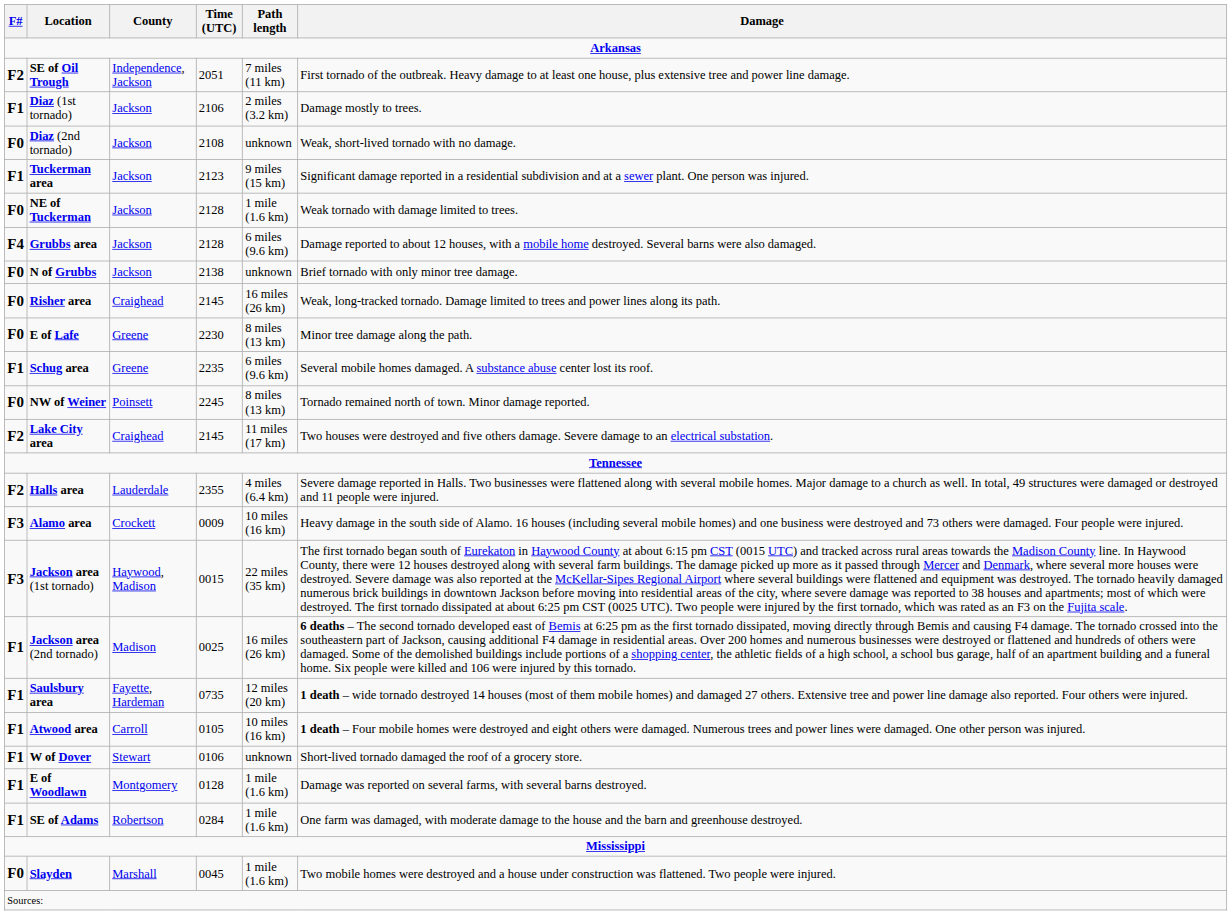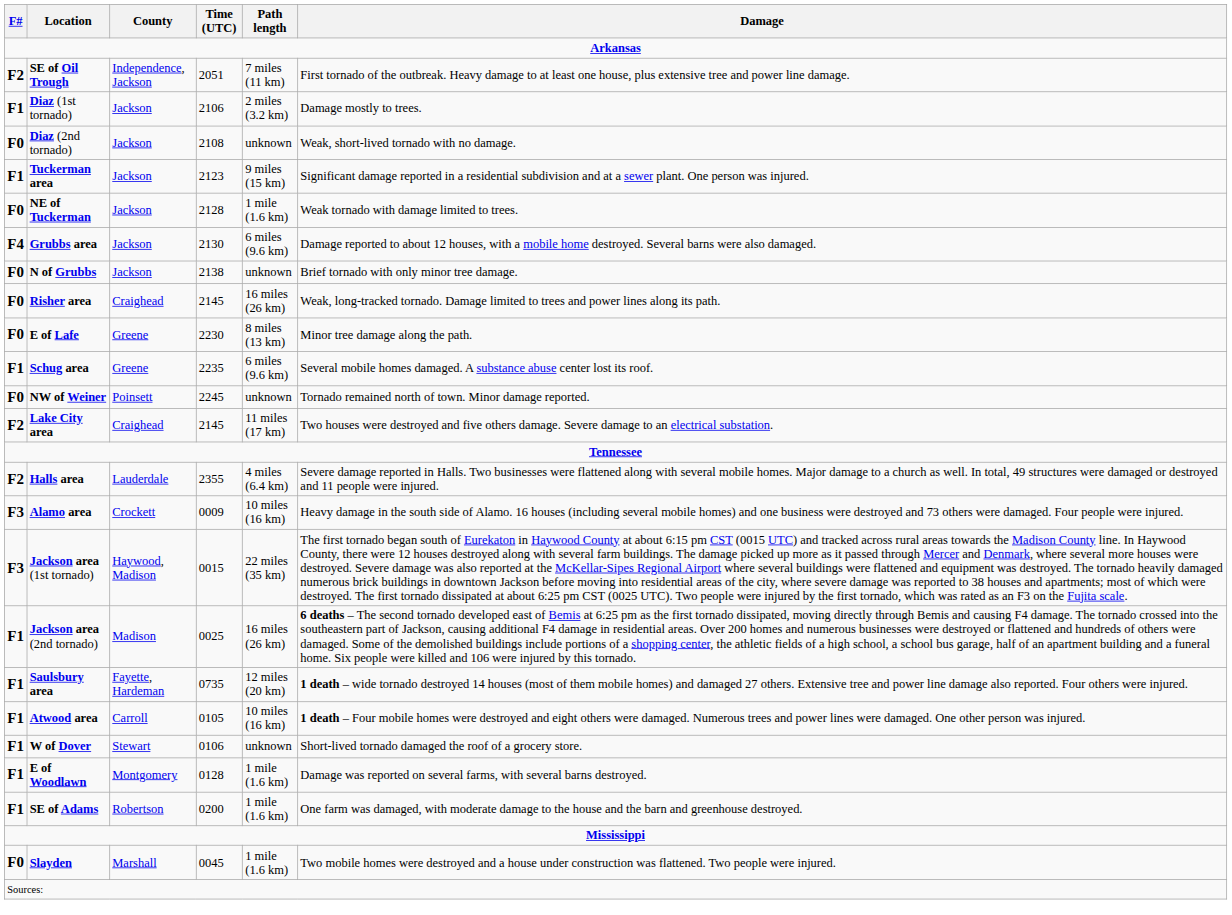 <table class="wikitable">
 <tr>
 <th><strong><a href='#'>F#</a></strong></th>
 <th><strong>Location</strong></th>
 <th><strong>County</strong></th>
 <th><strong>Time (UTC)</strong></th>
 <th><strong>Path length</strong></th>
 <th><strong>Damage</strong></th>
 </tr>
 <tr>
 <td colspan="7" align=center><strong><a href='#'>Arkansas</a></strong></td>
 </tr>
 <tr>
 <td><big><strong>F2</strong></big></td>
 <td><strong>SE of <a href='#'>Oil Trough</a></strong></td>
 <td><a href='#'>Independence</a>, <a href='#'>Jackson</a></td>
 <td>2051</td>
 <td>7 miles <br>(11 km)</td>
 <td>First tornado of the outbreak. Heavy damage to at least one house, plus extensive tree and power line damage.</td>
 </tr>
 <tr>
 <td><big><strong>F1</strong></big></td>
 <td><strong><a href='#'>Diaz</a></strong> (1st tornado)</td>
 <td><a href='#'>Jackson</a></td>
 <td>2106</td>
 <td>2 miles <br>(3.2 km)</td>
 <td>Damage mostly to trees.</td>
 </tr>
 <tr>
 <td><big><strong>F0</strong></big></td>
 <td><strong><a href='#'>Diaz</a></strong> (2nd tornado)</td>
 <td><a href='#'>Jackson</a></td>
 <td>2108</td>
 <td>unknown</td>
 <td>Weak, short-lived tornado with no damage.</td>
 </tr>
 <tr>
 <td><big><strong>F1</strong></big></td>
 <td><strong><a href='#'>Tuckerman</a> area</strong></td>
 <td><a href='#'>Jackson</a></td>
 <td>2123</td>
 <td>9 miles <br>(15 km)</td>
 <td>Significant damage reported in a residential subdivision and at a <a href='#'>sewer</a> plant. One person was injured.</td>
 </tr>
 <tr>
 <td><big><strong>F0</strong></big></td>
 <td><strong>NE of <a href='#'>Tuckerman</a></strong></td>
 <td><a href='#'>Jackson</a></td>
 <td>2128</td>
 <td>1 mile <br>(1.6 km)</td>
 <td>Weak tornado with damage limited to trees.</td>
 </tr>
 <tr>
 <td><big><strong>F4</strong></big></td>
 <td><strong><a href='#'>Grubbs</a> area</strong></td>
 <td><a href='#'>Jackson</a></td>
-<td>2128</td>
+<td>2130</td>
 <td>6 miles <br>(9.6 km)</td>
 <td>Damage reported to about 12 houses, with a <a href='#'>mobile home</a> destroyed. Several barns were also damaged.</td>
 </tr>
 <tr>
 <td><big><strong>F0</strong></big></td>
 <td><strong>N of <a href='#'>Grubbs</a></strong></td>
 <td><a href='#'>Jackson</a></td>
 <td>2138</td>
 <td>unknown</td>
 <td>Brief tornado with only minor tree damage.</td>
 </tr>
 <tr>
 <td><big><strong>F0</strong></big></td>
 <td><strong><a href='#'>Risher</a> area</strong></td>
 <td><a href='#'>Craighead</a></td>
 <td>2145</td>
 <td>16 miles <br>(26 km)</td>
 <td>Weak, long-tracked tornado. Damage limited to trees and power lines along its path.</td>
 </tr>
 <tr>
 <td><big><strong>F0</strong></big></td>
 <td><strong>E of <a href='#'>Lafe</a></strong></td>
 <td><a href='#'>Greene</a></td>
 <td>2230</td>
 <td>8 miles <br>(13 km)</td>
 <td>Minor tree damage along the path.</td>
 </tr>
 <tr>
 <td><big><strong>F1</strong></big></td>
 <td><strong><a href='#'>Schug</a> area</strong></td>
 <td><a href='#'>Greene</a></td>
 <td>2235</td>
 <td>6 miles <br>(9.6 km)</td>
 <td>Several mobile homes damaged. A <a href='#'>substance abuse</a> center lost its roof.</td>
 </tr>
 <tr>
 <td><big><strong>F0</strong></big></td>
 <td><strong>NW of <a href='#'>Weiner</a></strong></td>
 <td><a href='#'>Poinsett</a></td>
 <td>2245</td>
-<td>8 miles <br>(13 km)</td>
+<td>unknown</td>
 <td>Tornado remained north of town. Minor damage reported.</td>
 </tr>
 <tr>
 <td><big><strong>F2</strong></big></td>
 <td><strong><a href='#'>Lake City</a> area</strong></td>
 <td><a href='#'>Craighead</a></td>
 <td>2145</td>
 <td>11 miles <br>(17 km)</td>
 <td>Two houses were destroyed and five others damage. Severe damage to an <a href='#'>electrical substation</a>.</td>
 </tr>
 <tr>
 <td colspan="7" align=center><strong><a href='#'>Tennessee</a></strong></td>
 </tr>
 <tr>
 <td><big><strong>F2</strong></big></td>
 <td><strong><a href='#'>Halls</a> area</strong></td>
 <td><a href='#'>Lauderdale</a></td>
 <td>2355</td>
 <td>4 miles <br>(6.4 km)</td>
 <td>Severe damage reported in Halls. Two businesses were flattened along with several mobile homes. Major damage to a church as well. In total, 49 structures were damaged or destroyed and 11 people were injured.</td>
 </tr>
 <tr>
 <td><big><strong>F3</strong></big></td>
 <td><strong><a href='#'>Alamo</a> area</strong></td>
 <td><a href='#'>Crockett</a></td>
 <td>0009</td>
 <td>10 miles <br>(16 km)</td>
 <td>Heavy damage in the south side of Alamo. 16 houses (including several mobile homes) and one business were destroyed and 73 others were damaged. Four people were injured.</td>
 </tr>
 <tr>
 <td><big><strong>F3</strong></big></td>
 <td><strong><a href='#'>Jackson</a> area</strong> (1st tornado)</td>
 <td><a href='#'>Haywood</a>, <a href='#'>Madison</a></td>
 <td>0015</td>
 <td>22 miles <br>(35 km)</td>
 <td>The first tornado began south of <a href='#'>Eurekaton</a> in <a href='#'>Haywood County</a> at about 6:15 pm <a href='#'>CST</a> (0015 <a href='#'>UTC</a>) and tracked across rural areas towards the <a href='#'>Madison County</a> line. In Haywood County, there were 12 houses destroyed along with several farm buildings. The damage picked up more as it passed through <a href='#'>Mercer</a> and <a href='#'>Denmark</a>, where several more houses were destroyed. Severe damage was also reported at the <a href='#'>McKellar-Sipes Regional Airport</a> where several buildings were flattened and equipment was destroyed. The tornado heavily damaged numerous brick buildings in downtown Jackson before moving into residential areas of the city, where severe damage was reported to 38 houses and apartments; most of which were destroyed. The first tornado dissipated at about 6:25 pm CST (0025 UTC). Two people were injured by the first tornado, which was rated as an F3 on the <a href='#'>Fujita scale</a>.</td>
 </tr>
 <tr>
 <td><big><strong>F1</strong></big></td>
 <td><strong><a href='#'>Jackson</a> area</strong> (2nd tornado)</td>
 <td><a href='#'>Madison</a></td>
 <td>0025</td>
 <td>16 miles <br>(26 km)</td>
 <td><strong>6 deaths</strong> – The second tornado developed east of <a href='#'>Bemis</a> at 6:25 pm as the first tornado dissipated, moving directly through Bemis and causing F4 damage. The tornado crossed into the southeastern part of Jackson, causing additional F4 damage in residential areas. Over 200 homes and numerous businesses were destroyed or flattened and hundreds of others were damaged. Some of the demolished buildings include portions of a <a href='#'>shopping center</a>, the athletic fields of a high school, a school bus garage, half of an apartment building and a funeral home. Six people were killed and 106 were injured by this tornado.</td>
 </tr>
 <tr>
 <td><big><strong>F1</strong></big></td>
 <td><strong><a href='#'>Saulsbury</a> area</strong></td>
 <td><a href='#'>Fayette</a>, <a href='#'>Hardeman</a></td>
 <td>0735</td>
 <td>12 miles <br>(20 km)</td>
 <td><strong>1 death</strong> –  wide tornado destroyed 14 houses (most of them mobile homes) and damaged 27 others. Extensive tree and power line damage also reported. Four others were injured.</td>
 </tr>
 <tr>
 <td><big><strong>F1</strong></big></td>
 <td><strong><a href='#'>Atwood</a> area</strong></td>
 <td><a href='#'>Carroll</a></td>
 <td>0105</td>
 <td>10 miles <br>(16 km)</td>
 <td><strong>1 death</strong> – Four mobile homes were destroyed and eight others were damaged. Numerous trees and power lines were damaged. One other person was injured.</td>
 </tr>
 <tr>
 <td><big><strong>F1</strong></big></td>
 <td><strong>W of <a href='#'>Dover</a></strong></td>
 <td><a href='#'>Stewart</a></td>
 <td>0106</td>
 <td>unknown</td>
 <td>Short-lived tornado damaged the roof of a grocery store.</td>
 </tr>
 <tr>
 <td><big><strong>F1</strong></big></td>
 <td><strong>E of <a href='#'>Woodlawn</a></strong></td>
 <td><a href='#'>Montgomery</a></td>
 <td>0128</td>
 <td>1 mile <br>(1.6 km)</td>
 <td>Damage was reported on several farms, with several barns destroyed.</td>
 </tr>
 <tr>
 <td><big><strong>F1</strong></big></td>
 <td><strong>SE of <a href='#'>Adams</a></strong></td>
 <td><a href='#'>Robertson</a></td>
-<td>0284</td>
+<td>0200</td>
 <td>1 mile <br>(1.6 km)</td>
 <td>One farm was damaged, with moderate damage to the house and the barn and greenhouse destroyed.</td>
 </tr>
 <tr>
 <td colspan="7" align=center><strong><a href='#'>Mississippi</a></strong></td>
 </tr>
 <tr>
 <td><big><strong>F0</strong></big></td>
 <td><strong><a href='#'>Slayden</a></strong></td>
 <td><a href='#'>Marshall</a></td>
 <td>0045</td>
 <td>1 mile <br>(1.6 km)</td>
 <td>Two mobile homes were destroyed and a house under construction was flattened. Two people were injured.</td>
 </tr>
 <tr>
 <td colspan="7"><small>Sources: </small></td>
 </tr>
 </table>
